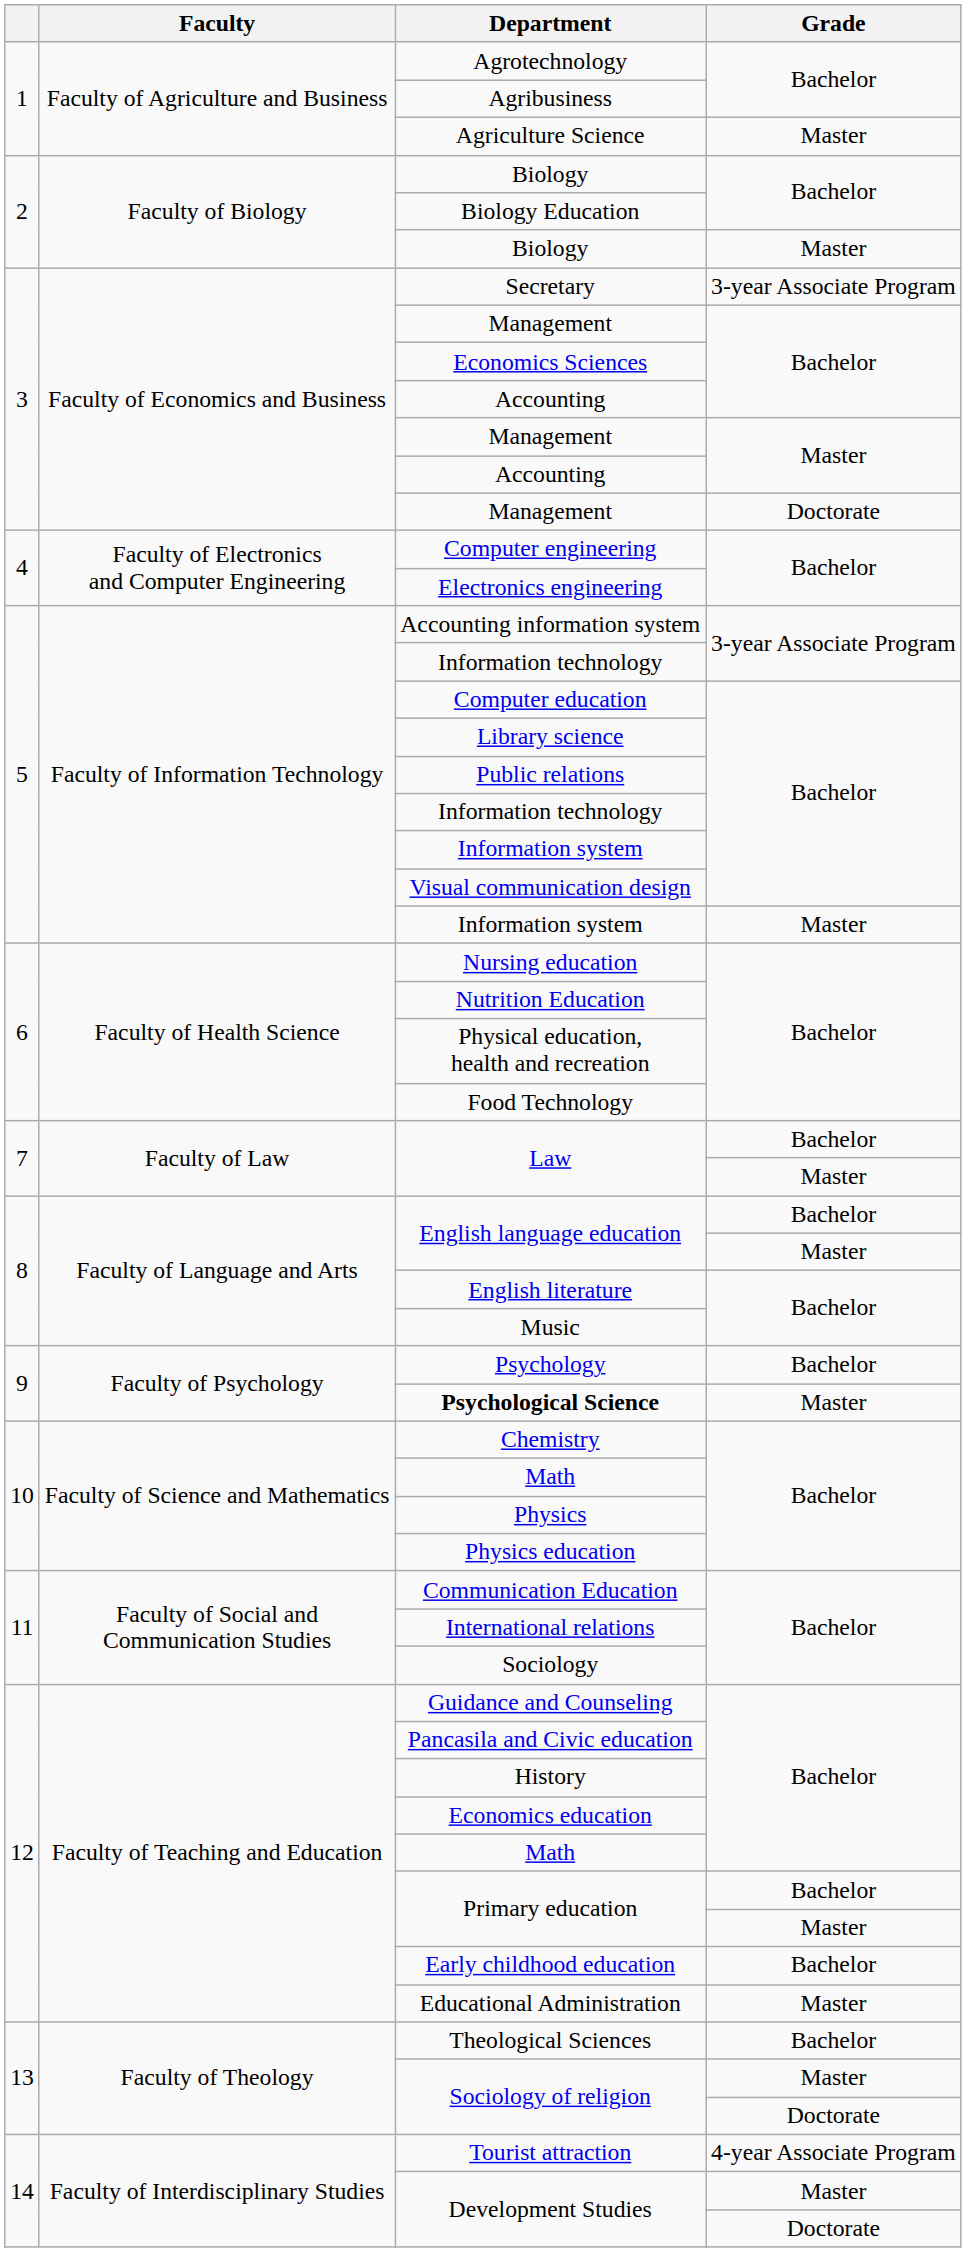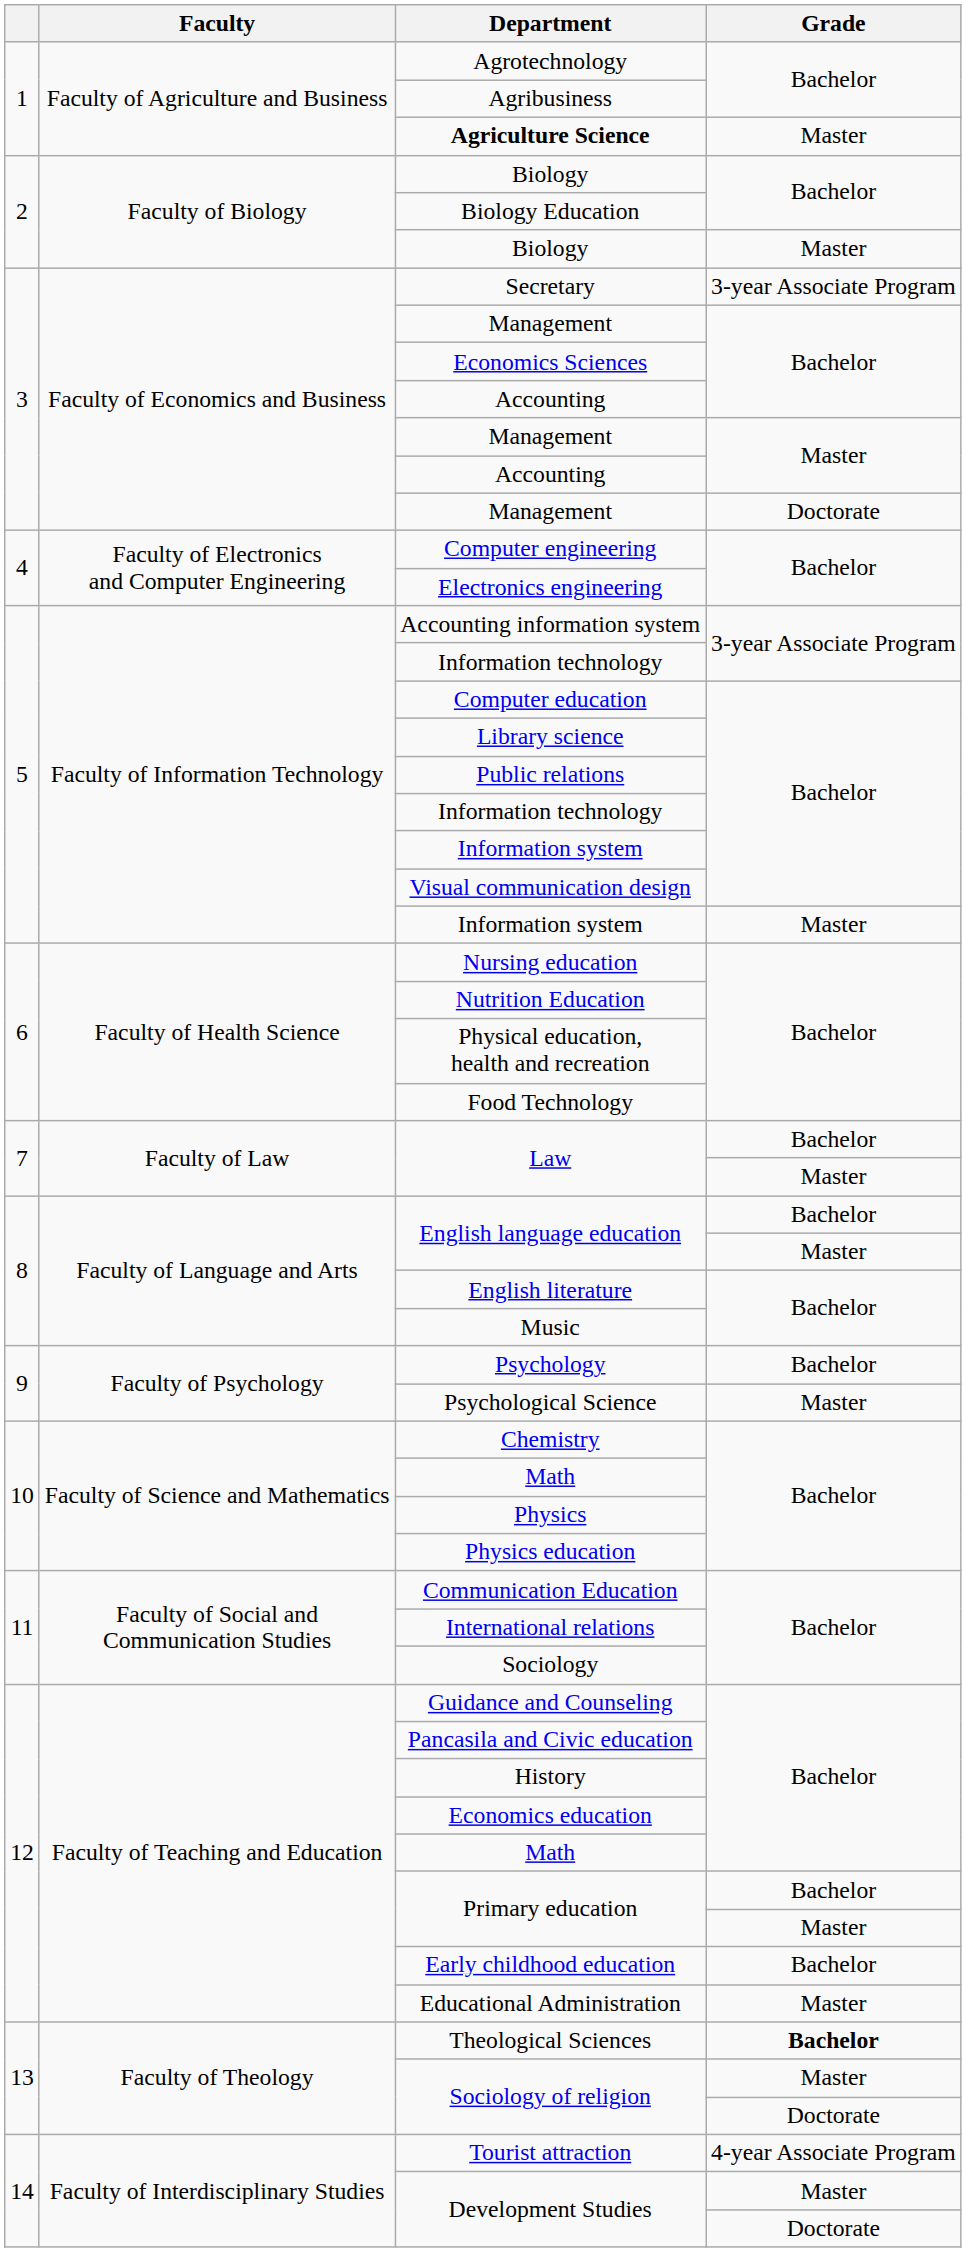 <table class="wikitable" style=text-align:center>
 <tr>
 <th></th>
 <th>Faculty</th>
 <th>Department</th>
 <th>Grade <br> </th>
 </tr>
 <tr>
 <td rowspan="3">1</td>
 <td rowspan="3">Faculty of Agriculture and Business</td>
 <td>Agrotechnology</td>
 <td rowspan="2">Bachelor</td>
 </tr>
 <tr>
 <td>Agribusiness</td>
 </tr>
 <tr>
-<td>Agriculture Science</td>
+<td><strong>Agriculture Science</strong></td>
 <td>Master</td>
 </tr>
 <tr>
 <td rowspan="3">2</td>
 <td rowspan="3">Faculty of Biology</td>
 <td>Biology</td>
 <td rowspan="2">Bachelor</td>
 </tr>
 <tr>
 <td>Biology Education</td>
 </tr>
 <tr>
 <td>Biology</td>
 <td>Master</td>
 </tr>
 <tr>
 <td rowspan="7">3</td>
 <td rowspan="7">Faculty of Economics and Business</td>
 <td>Secretary</td>
 <td>3-year Associate Program</td>
 </tr>
 <tr>
 <td>Management</td>
 <td rowspan="3">Bachelor</td>
 </tr>
 <tr>
 <td><a href='#'>Economics Sciences</a></td>
 </tr>
 <tr>
 <td>Accounting</td>
 </tr>
 <tr>
 <td>Management</td>
 <td rowspan="2">Master</td>
 </tr>
 <tr>
 <td>Accounting</td>
 </tr>
 <tr>
 <td>Management</td>
 <td>Doctorate</td>
 </tr>
 <tr>
 <td rowspan="2">4</td>
 <td rowspan="2">Faculty of Electronics <br> and Computer Engineering</td>
 <td><a href='#'>Computer engineering</a></td>
 <td rowspan="2">Bachelor</td>
 </tr>
 <tr>
 <td><a href='#'>Electronics engineering</a></td>
 </tr>
 <tr>
 <td rowspan="9">5</td>
 <td rowspan="9">Faculty of Information Technology</td>
 <td>Accounting information system</td>
 <td rowspan="2">3-year Associate Program</td>
 </tr>
 <tr>
 <td>Information technology</td>
 </tr>
 <tr>
 <td><a href='#'>Computer education</a></td>
 <td rowspan="6">Bachelor</td>
 </tr>
 <tr>
 <td><a href='#'>Library science</a></td>
 </tr>
 <tr>
 <td><a href='#'>Public relations</a></td>
 </tr>
 <tr>
 <td>Information technology</td>
 </tr>
 <tr>
 <td><a href='#'>Information system</a></td>
 </tr>
 <tr>
 <td><a href='#'>Visual communication design</a></td>
 </tr>
 <tr>
 <td>Information system</td>
 <td>Master</td>
 </tr>
 <tr>
 <td rowspan="4">6</td>
 <td rowspan="4">Faculty of Health Science</td>
 <td><a href='#'>Nursing education</a></td>
 <td rowspan="4">Bachelor</td>
 </tr>
 <tr>
 <td><a href='#'>Nutrition Education</a></td>
 </tr>
 <tr>
 <td>Physical education, <br> health and recreation</td>
 </tr>
 <tr>
 <td>Food Technology</td>
 </tr>
 <tr>
 <td rowspan="2">7</td>
 <td rowspan="2">Faculty of Law</td>
 <td rowspan="2"><a href='#'>Law</a></td>
 <td>Bachelor</td>
 </tr>
 <tr>
 <td>Master</td>
 </tr>
 <tr>
 <td rowspan="4">8</td>
 <td rowspan="4">Faculty of Language and Arts</td>
 <td rowspan="2"><a href='#'>English language education</a></td>
 <td>Bachelor</td>
 </tr>
 <tr>
 <td>Master</td>
 </tr>
 <tr>
 <td><a href='#'>English literature</a></td>
 <td rowspan="2">Bachelor</td>
 </tr>
 <tr>
 <td>Music</td>
 </tr>
 <tr>
 <td rowspan="2">9</td>
 <td rowspan="2">Faculty of Psychology</td>
 <td><a href='#'>Psychology</a></td>
 <td>Bachelor</td>
 </tr>
 <tr>
-<td><strong>Psychological Science</strong></td>
+<td>Psychological Science</td>
 <td>Master</td>
 </tr>
 <tr>
 <td rowspan="4">10</td>
 <td rowspan="4">Faculty of Science and Mathematics</td>
 <td><a href='#'>Chemistry</a></td>
 <td rowspan="4">Bachelor</td>
 </tr>
 <tr>
 <td><a href='#'>Math</a></td>
 </tr>
 <tr>
 <td><a href='#'>Physics</a></td>
 </tr>
 <tr>
 <td><a href='#'>Physics education</a></td>
 </tr>
 <tr>
 <td rowspan="3">11</td>
 <td rowspan="3">Faculty of Social and <br> Communication Studies</td>
 <td><a href='#'>Communication Education</a></td>
 <td rowspan="3">Bachelor</td>
 </tr>
 <tr>
 <td><a href='#'>International relations</a></td>
 </tr>
 <tr>
 <td>Sociology</td>
 </tr>
 <tr>
 <td rowspan="9">12</td>
 <td rowspan="9">Faculty of Teaching and Education</td>
 <td><a href='#'>Guidance and Counseling</a></td>
 <td rowspan="5">Bachelor</td>
 </tr>
 <tr>
 <td><a href='#'>Pancasila and Civic education</a></td>
 </tr>
 <tr>
 <td>History</td>
 </tr>
 <tr>
 <td><a href='#'>Economics education</a></td>
 </tr>
 <tr>
 <td><a href='#'>Math</a></td>
 </tr>
 <tr>
 <td rowspan="2">Primary education</td>
 <td>Bachelor</td>
 </tr>
 <tr>
 <td>Master</td>
 </tr>
 <tr>
 <td><a href='#'>Early childhood education</a></td>
 <td>Bachelor</td>
 </tr>
 <tr>
 <td>Educational Administration</td>
 <td>Master</td>
 </tr>
 <tr>
 <td rowspan="3">13</td>
 <td rowspan="3">Faculty of Theology</td>
 <td>Theological Sciences</td>
-<td>Bachelor</td>
+<td><strong>Bachelor</strong></td>
 </tr>
 <tr>
 <td rowspan="2"><a href='#'>Sociology of religion</a></td>
 <td>Master</td>
 </tr>
 <tr>
 <td>Doctorate</td>
 </tr>
 <tr>
 <td rowspan="3">14</td>
 <td rowspan="3">Faculty of Interdisciplinary Studies</td>
 <td><a href='#'>Tourist attraction</a></td>
 <td>4-year Associate Program</td>
 </tr>
 <tr>
 <td rowspan="3">Development Studies</td>
 <td>Master</td>
 </tr>
 <tr>
 <td>Doctorate</td>
 </tr>
 </table>
